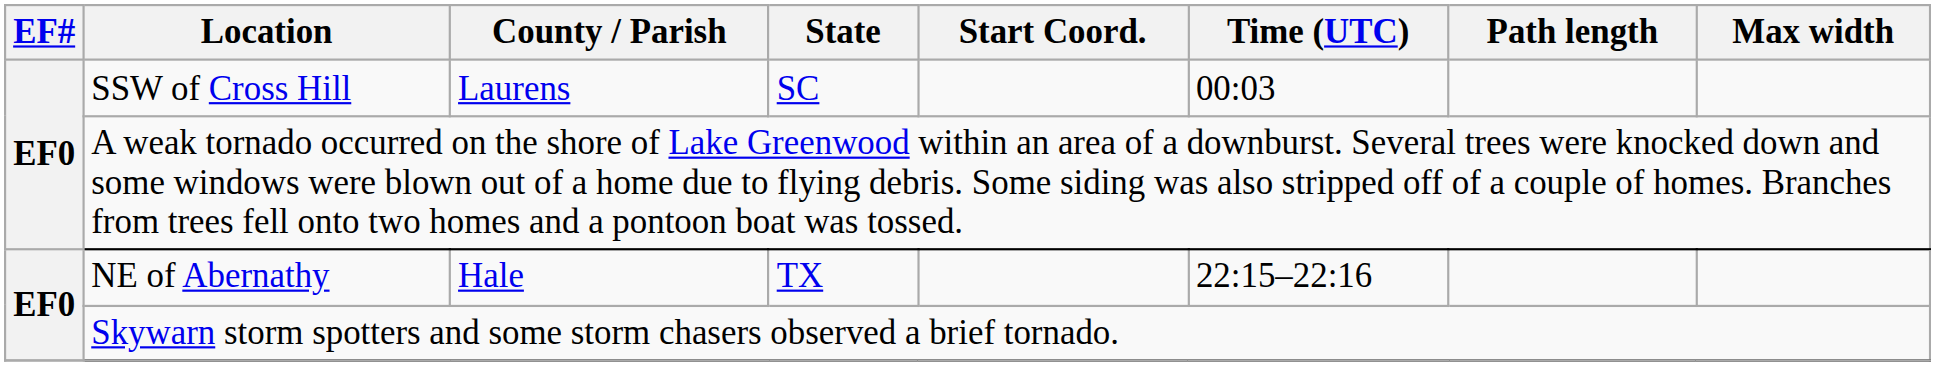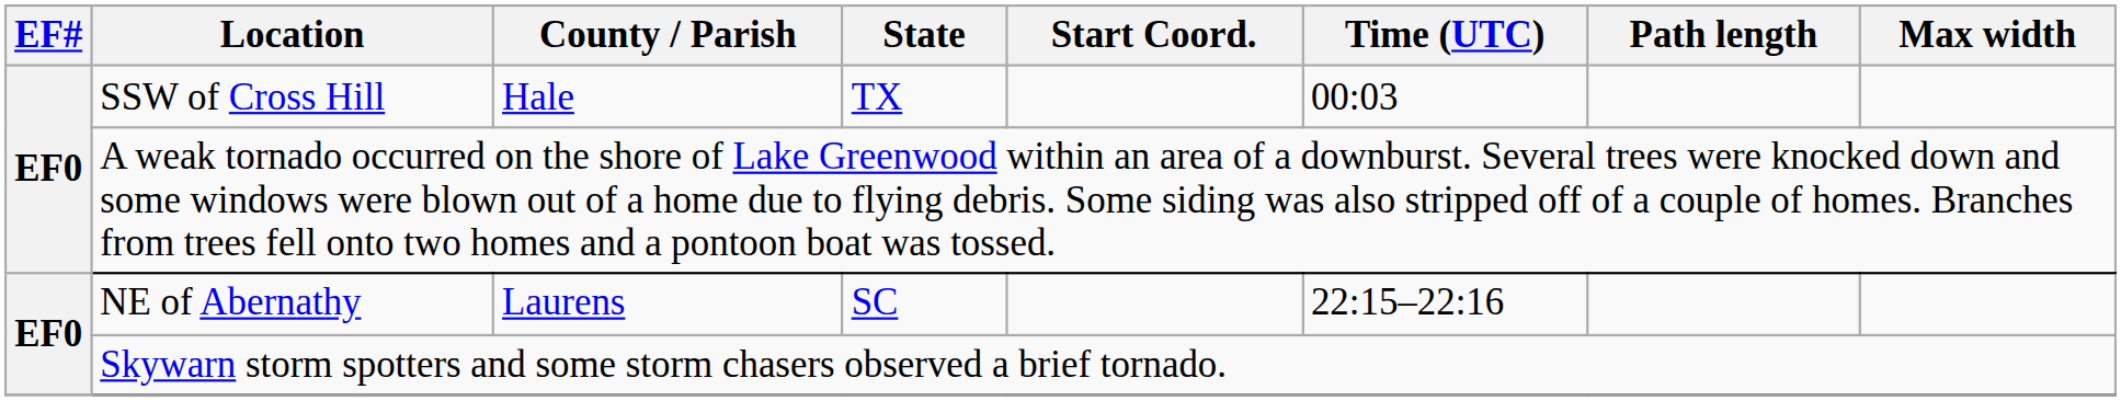 <table class="wikitable sortable" style="width:100%;">
 <tr>
 <th scope="col" width="2%" align="center"><a href='#'>EF#</a></th>
 <th scope="col" align="center" class="unsortable">Location</th>
 <th scope="col" align="center" class="unsortable">County / Parish</th>
 <th scope="col" align="center">State</th>
 <th scope="col" align="center">Start Coord.</th>
 <th scope="col" align="center">Time (<a href='#'>UTC</a>)</th>
 <th scope="col" align="center">Path length</th>
 <th scope="col" align="center">Max width</th>
 </tr>
 <tr>
 <th scope="row" rowspan="2" style="background-color:#">EF0</th>
 <td>SSW of <a href='#'>Cross Hill</a></td>
-<td><a href='#'>Laurens</a></td>
-<td><a href='#'>SC</a></td>
+<td><a href='#'>Hale</a></td>
+<td><a href='#'>TX</a></td>
 <td></td>
 <td>00:03</td>
 <td></td>
 <td></td>
 </tr>
 <tr class="expand-child">
 <td colspan="8" style=" border-bottom: 1px solid black;">A weak tornado occurred on the shore of <a href='#'>Lake Greenwood</a> within an area of a downburst. Several trees were knocked down and some windows were blown out of a home due to flying debris. Some siding was also stripped off of a couple of homes. Branches from trees fell onto two homes and a pontoon boat was tossed.</td>
 </tr>
 <tr>
 <th scope="row" rowspan="2" style="background-color:#">EF0</th>
 <td>NE of <a href='#'>Abernathy</a></td>
-<td><a href='#'>Hale</a></td>
-<td><a href='#'>TX</a></td>
+<td><a href='#'>Laurens</a></td>
+<td><a href='#'>SC</a></td>
 <td></td>
 <td>22:15–22:16</td>
 <td></td>
 <td></td>
 </tr>
 <tr class="expand-child">
 <td colspan="8" style=" border-bottom: 1px solid black;"><a href='#'>Skywarn</a> storm spotters and some storm chasers observed a brief tornado.</td>
 </tr>
 <tr>
 </tr>
 </table>
